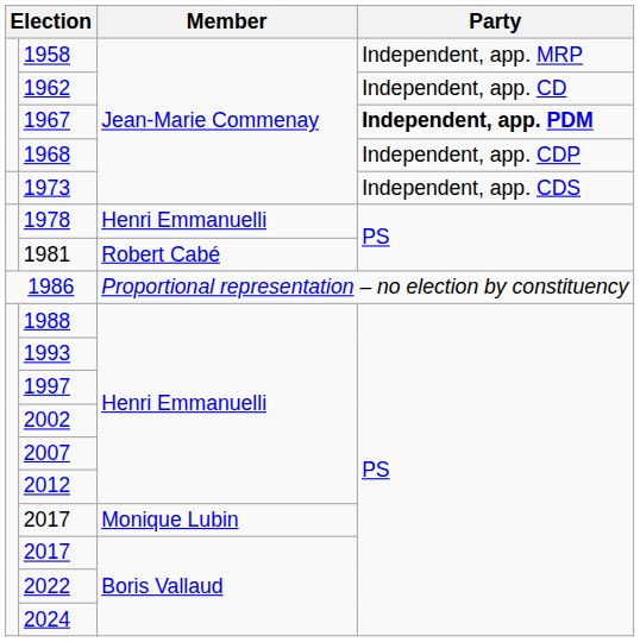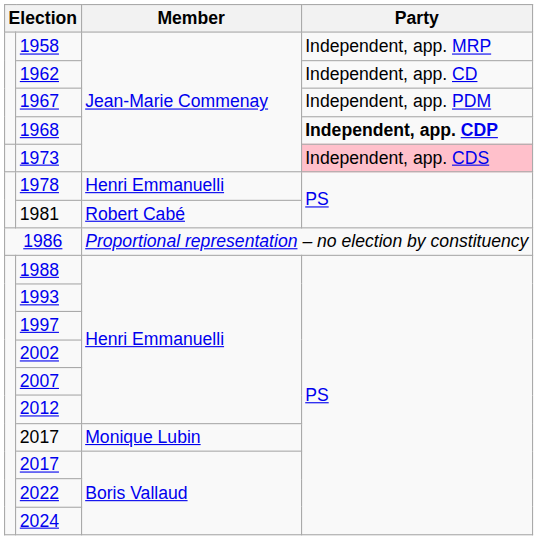 <table class="wikitable">
 <tr>
 <th colspan=2>Election</th>
 <th>Member</th>
 <th>Party</th>
 </tr>
 <tr>
 <td rowspan=4 style="color:inherit;background-color: "></td>
 <td><a href='#'>1958</a></td>
 <td rowspan=5><a href='#'>Jean-Marie Commenay</a></td>
 <td>Independent, app. <a href='#'>MRP</a></td>
 </tr>
 <tr>
 <td><a href='#'>1962</a></td>
 <td>Independent, app. <a href='#'>CD</a></td>
 </tr>
 <tr>
 <td><a href='#'>1967</a></td>
-<td><strong>Independent, app. <a href='#'>PDM</a></strong></td>
+<td>Independent, app. <a href='#'>PDM</a></td>
 </tr>
 <tr>
 <td><a href='#'>1968</a></td>
-<td>Independent, app. <a href='#'>CDP</a></td>
+<td><strong>Independent, app. <a href='#'>CDP</a></strong></td>
 </tr>
 <tr>
 <td style="color:inherit;background-color: "></td>
 <td><a href='#'>1973</a></td>
-<td>Independent, app. <a href='#'>CDS</a></td>
+<td style="background: pink;">Independent, app. <a href='#'>CDS</a></td>
 </tr>
 <tr>
 <td rowspan="2" style="background-color: "></td>
 <td><a href='#'>1978</a></td>
 <td><a href='#'>Henri Emmanuelli</a></td>
 <td rowspan="2"><a href='#'>PS</a></td>
 </tr>
 <tr>
 <td>1981</td>
 <td><a href='#'>Robert Cabé</a></td>
 </tr>
 <tr>
 <td colspan="2" align="center"><a href='#'>1986</a></td>
 <td colspan="2"><em><a href='#'>Proportional representation</a> – no election by constituency</em></td>
 </tr>
 <tr>
 <td rowspan="10" style="color:inherit;background-color: "></td>
 <td><a href='#'>1988</a></td>
 <td rowspan=6><a href='#'>Henri Emmanuelli</a></td>
 <td rowspan="10"><a href='#'>PS</a></td>
 </tr>
 <tr>
 <td><a href='#'>1993</a></td>
 </tr>
 <tr>
 <td><a href='#'>1997</a></td>
 </tr>
 <tr>
 <td><a href='#'>2002</a></td>
 </tr>
 <tr>
 <td><a href='#'>2007</a></td>
 </tr>
 <tr>
 <td><a href='#'>2012</a></td>
 </tr>
 <tr>
 <td>2017</td>
 <td><a href='#'>Monique Lubin</a></td>
 </tr>
 <tr>
 <td><a href='#'>2017</a></td>
 <td rowspan="3"><a href='#'>Boris Vallaud</a></td>
 </tr>
 <tr>
 <td><a href='#'>2022</a></td>
 </tr>
 <tr>
 <td><a href='#'>2024</a></td>
 </tr>
 </table>
